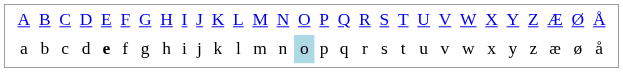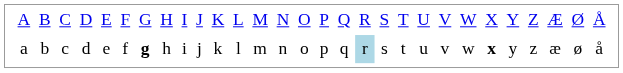 <table border=0 cellpadding=4 cellspacing=1 style="padding:0 .5em .2em; border:1px solid #999; margin:1em 0;">
 <tr style="font-size:large; text-align:center; ">
 <td><a href='#'>A</a></td>
 <td><a href='#'>B</a></td>
 <td><a href='#'>C</a></td>
 <td><a href='#'>D</a></td>
 <td><a href='#'>E</a></td>
 <td><a href='#'>F</a></td>
 <td><a href='#'>G</a></td>
 <td><a href='#'>H</a></td>
 <td><a href='#'>I</a></td>
 <td><a href='#'>J</a></td>
 <td><a href='#'>K</a></td>
 <td><a href='#'>L</a></td>
 <td><a href='#'>M</a></td>
 <td><a href='#'>N</a></td>
 <td><a href='#'>O</a></td>
 <td><a href='#'>P</a></td>
 <td><a href='#'>Q</a></td>
 <td><a href='#'>R</a></td>
 <td><a href='#'>S</a></td>
 <td><a href='#'>T</a></td>
 <td><a href='#'>U</a></td>
 <td><a href='#'>V</a></td>
 <td><a href='#'>W</a></td>
 <td><a href='#'>X</a></td>
 <td><a href='#'>Y</a></td>
 <td><a href='#'>Z</a></td>
 <td><a href='#'>Æ</a></td>
 <td><a href='#'>Ø</a></td>
 <td><a href='#'>Å</a></td>
 </tr>
 <tr style="font-size:large; text-align:center; ">
 <td>a</td>
 <td>b</td>
 <td>c</td>
 <td>d</td>
-<td><strong>e</strong></td>
+<td>e</td>
 <td>f</td>
-<td>g</td>
+<td><strong>g</strong></td>
 <td>h</td>
 <td>i</td>
 <td>j</td>
 <td>k</td>
 <td>l</td>
 <td>m</td>
 <td>n</td>
-<td style="background: lightblue;">o</td>
+<td>o</td>
 <td>p</td>
 <td>q</td>
-<td>r</td>
+<td style="background: lightblue;">r</td>
 <td>s</td>
 <td>t</td>
 <td>u</td>
 <td>v</td>
 <td>w</td>
-<td>x</td>
+<td><strong>x</strong></td>
 <td>y</td>
 <td>z</td>
 <td>æ</td>
 <td>ø</td>
 <td>å</td>
 </tr>
 </table>
